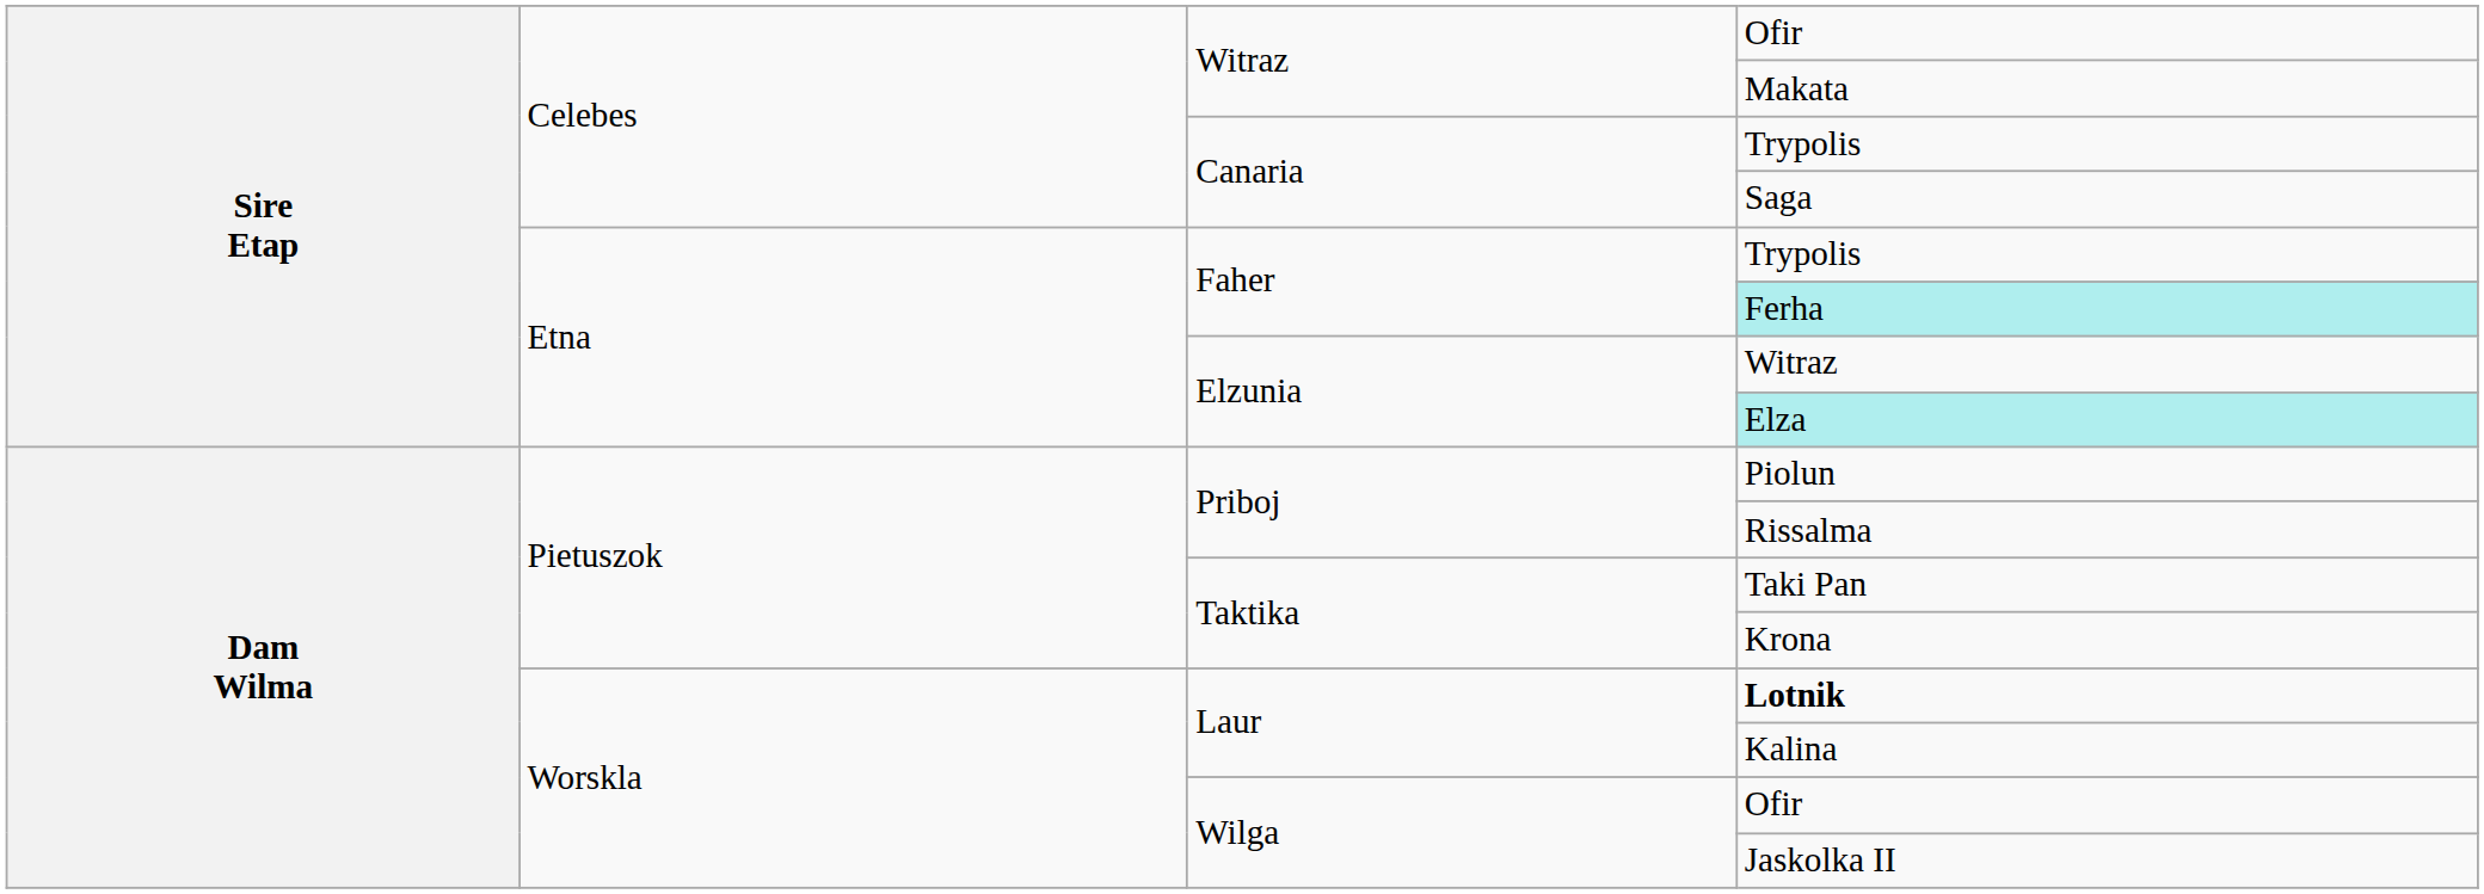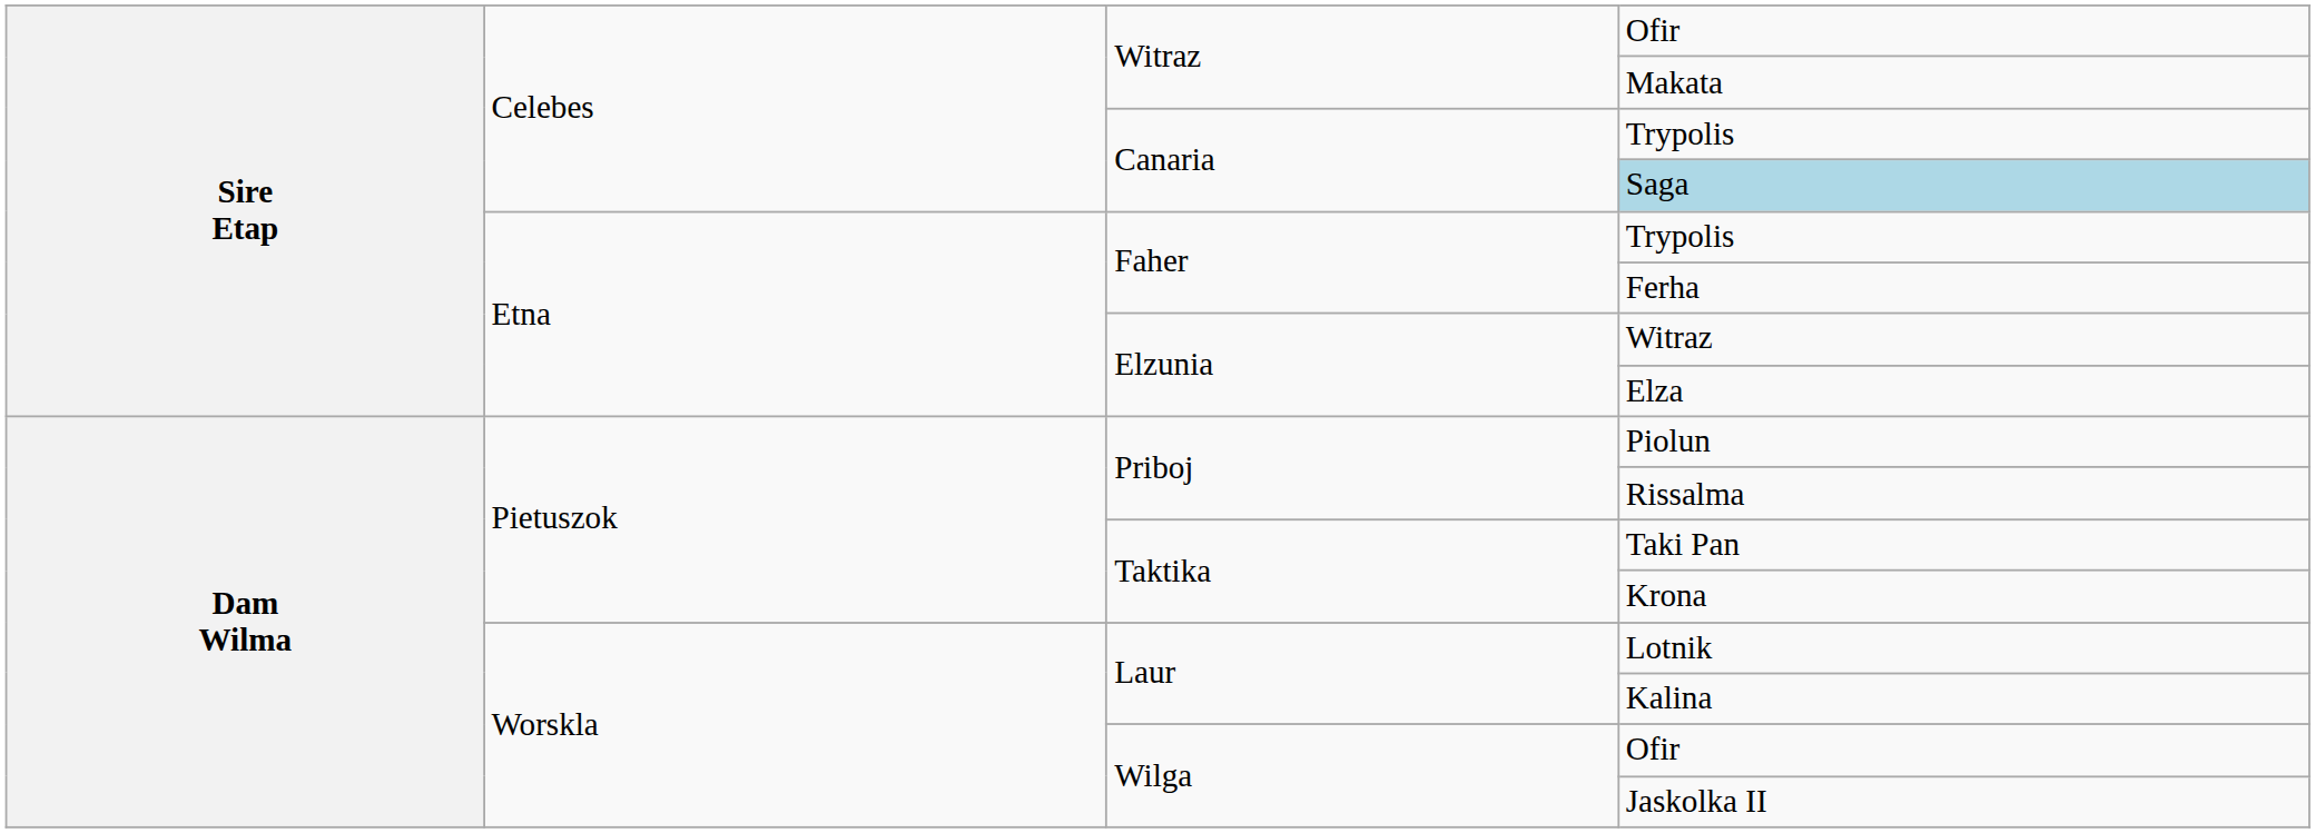 <table class="wikitable" style="clear:both; margin:0em auto; width:90%;">
 <tr>
 <th rowspan="8">Sire<br>Etap</th>
 <td rowspan="4">Celebes</td>
 <td rowspan="2">Witraz</td>
 <td>Ofir</td>
 </tr>
 <tr>
 <td>Makata</td>
 </tr>
 <tr>
 <td rowspan="2">Canaria</td>
 <td>Trypolis</td>
 </tr>
 <tr>
-<td>Saga</td>
+<td style="background: lightblue;">Saga</td>
 </tr>
 <tr>
 <td rowspan="4">Etna</td>
 <td rowspan="2">Faher</td>
 <td>Trypolis</td>
 </tr>
 <tr>
-<td style="background: paleturquoise;">Ferha</td>
+<td>Ferha</td>
 </tr>
 <tr>
 <td rowspan="2">Elzunia</td>
 <td>Witraz</td>
 </tr>
 <tr>
-<td style="background: paleturquoise;">Elza</td>
+<td>Elza</td>
 </tr>
 <tr>
 <th rowspan="8">Dam<br>Wilma</th>
 <td rowspan="4">Pietuszok</td>
 <td rowspan="2">Priboj</td>
 <td>Piolun</td>
 </tr>
 <tr>
 <td>Rissalma</td>
 </tr>
 <tr>
 <td rowspan="2">Taktika</td>
 <td>Taki Pan</td>
 </tr>
 <tr>
 <td>Krona</td>
 </tr>
 <tr>
 <td rowspan="4">Worskla</td>
 <td rowspan="2">Laur</td>
-<td><strong>Lotnik</strong></td>
+<td>Lotnik</td>
 </tr>
 <tr>
 <td>Kalina</td>
 </tr>
 <tr>
 <td rowspan="2">Wilga</td>
 <td>Ofir</td>
 </tr>
 <tr>
 <td>Jaskolka II</td>
 </tr>
 </table>
